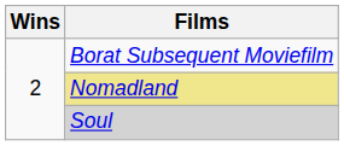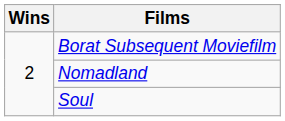 <table class="wikitable">
 <tr>
 <th>Wins</th>
 <th>Films</th>
 </tr>
 <tr>
 <td rowspan="3" style="text-align:center">2</td>
 <td><em><a href='#'>Borat Subsequent Moviefilm</a></em></td>
 </tr>
 <tr>
-<td style="background: khaki;"><em><a href='#'>Nomadland</a></em></td>
+<td><em><a href='#'>Nomadland</a></em></td>
 </tr>
 <tr>
-<td style="background: lightgrey;"><em><a href='#'>Soul</a></em></td>
+<td><em><a href='#'>Soul</a></em></td>
 </tr>
 </table>
